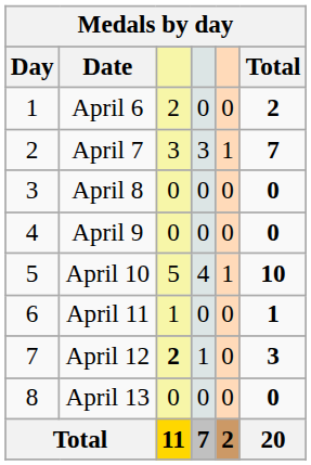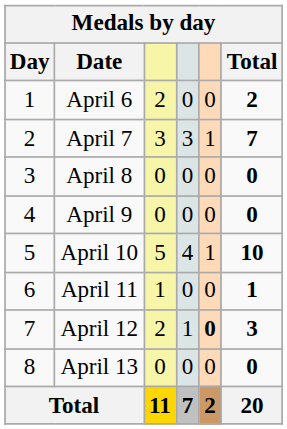 <table class=wikitable style=font-size:85%;float:right;text-align:center>
 <tr style="background:#efefef;">
 <th colspan=6>Medals by day</th>
 </tr>
 <tr>
 <th>Day</th>
 <th>Date</th>
 <td bgcolor=F7F6A8></td>
 <td bgcolor=DCE5E5></td>
 <td bgcolor=FFDAB9></td>
 <th>Total</th>
 </tr>
 <tr>
 <td>1</td>
 <td>April 6</td>
 <td bgcolor=F7F6A8>2</td>
 <td bgcolor=DCE5E5>0</td>
 <td bgcolor=FFDAB9>0</td>
 <td><strong>2</strong></td>
 </tr>
 <tr style="text-align:center">
 <td>2</td>
 <td>April 7</td>
 <td bgcolor=F7F6A8>3</td>
 <td bgcolor=DCE5E5>3</td>
 <td bgcolor=FFDAB9>1</td>
 <td><strong>7</strong></td>
 </tr>
 <tr style="text-align:center">
 <td>3</td>
 <td>April 8</td>
 <td bgcolor=F7F6A8>0</td>
 <td bgcolor=DCE5E5>0</td>
 <td bgcolor=FFDAB9>0</td>
 <td><strong>0</strong></td>
 </tr>
 <tr style="text-align:center">
 <td>4</td>
 <td>April 9</td>
 <td bgcolor=F7F6A8>0</td>
 <td bgcolor=DCE5E5>0</td>
 <td bgcolor=FFDAB9>0</td>
 <td><strong>0</strong></td>
 </tr>
 <tr style="text-align:center">
 <td>5</td>
 <td>April 10</td>
 <td bgcolor=F7F6A8>5</td>
 <td bgcolor=DCE5E5>4</td>
 <td bgcolor=FFDAB9>1</td>
 <td><strong>10</strong></td>
 </tr>
 <tr style="text-align:center">
 <td>6</td>
 <td>April 11</td>
 <td bgcolor=F7F6A8>1</td>
 <td bgcolor=DCE5E5>0</td>
 <td bgcolor=FFDAB9>0</td>
 <td><strong>1</strong></td>
 </tr>
 <tr style="text-align:center">
 <td>7</td>
 <td>April 12</td>
-<td bgcolor=F7F6A8><strong>2</strong></td>
+<td bgcolor=F7F6A8>2</td>
 <td bgcolor=DCE5E5>1</td>
-<td bgcolor=FFDAB9>0</td>
+<td bgcolor=FFDAB9><strong>0</strong></td>
 <td><strong>3</strong></td>
 </tr>
 <tr style="text-align:center">
 <td>8</td>
 <td>April 13</td>
 <td bgcolor=F7F6A8>0</td>
 <td bgcolor=DCE5E5>0</td>
 <td bgcolor=FFDAB9>0</td>
 <td><strong>0</strong></td>
 </tr>
 <tr>
 <th colspan=2>Total</th>
 <th style="background:gold">11</th>
 <th style="background:silver">7</th>
 <th style="background:#c96">2</th>
 <th>20</th>
 </tr>
 </table>
